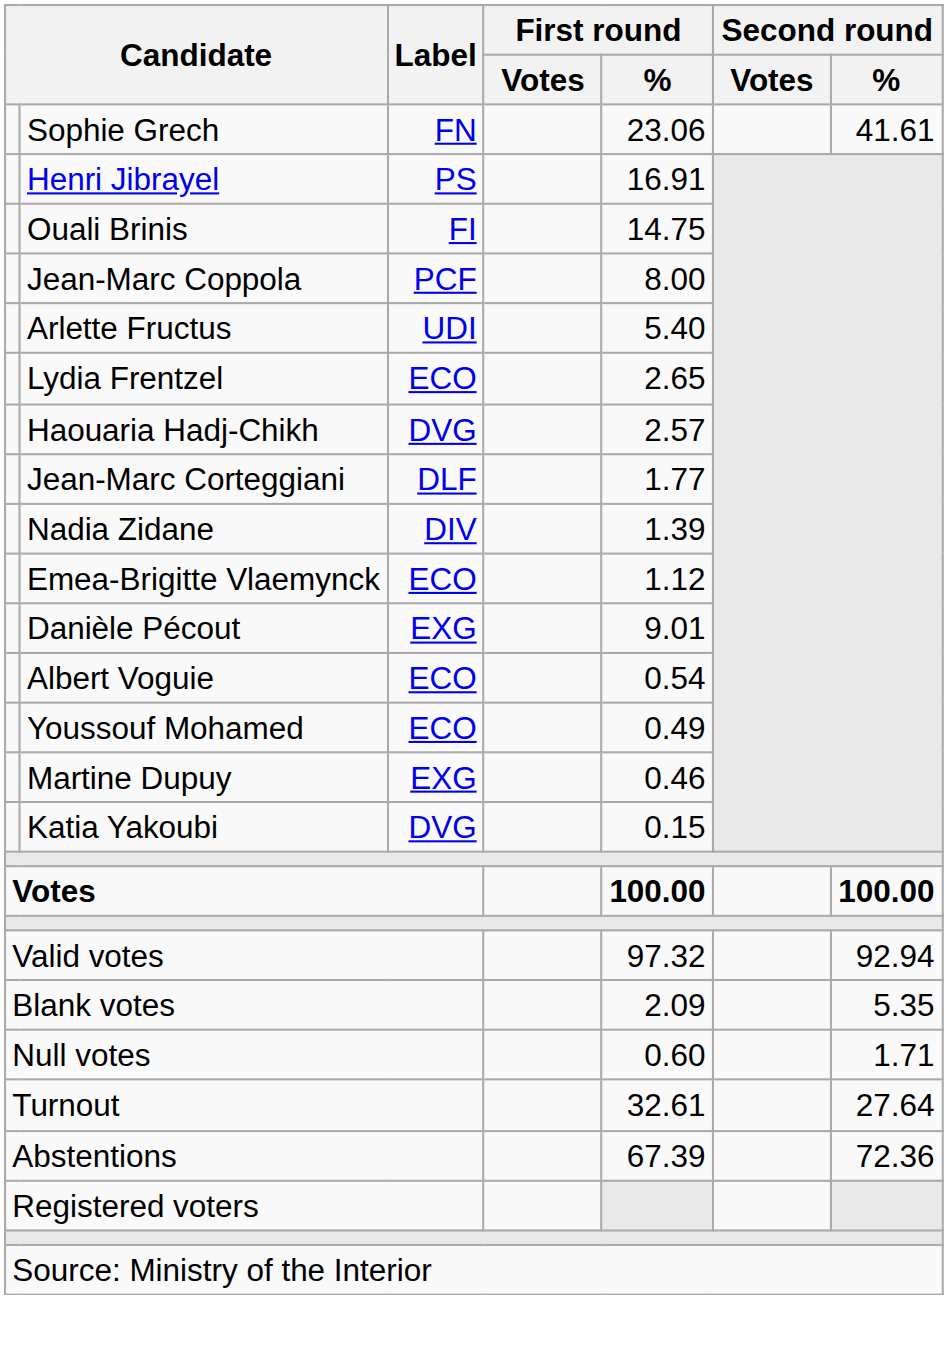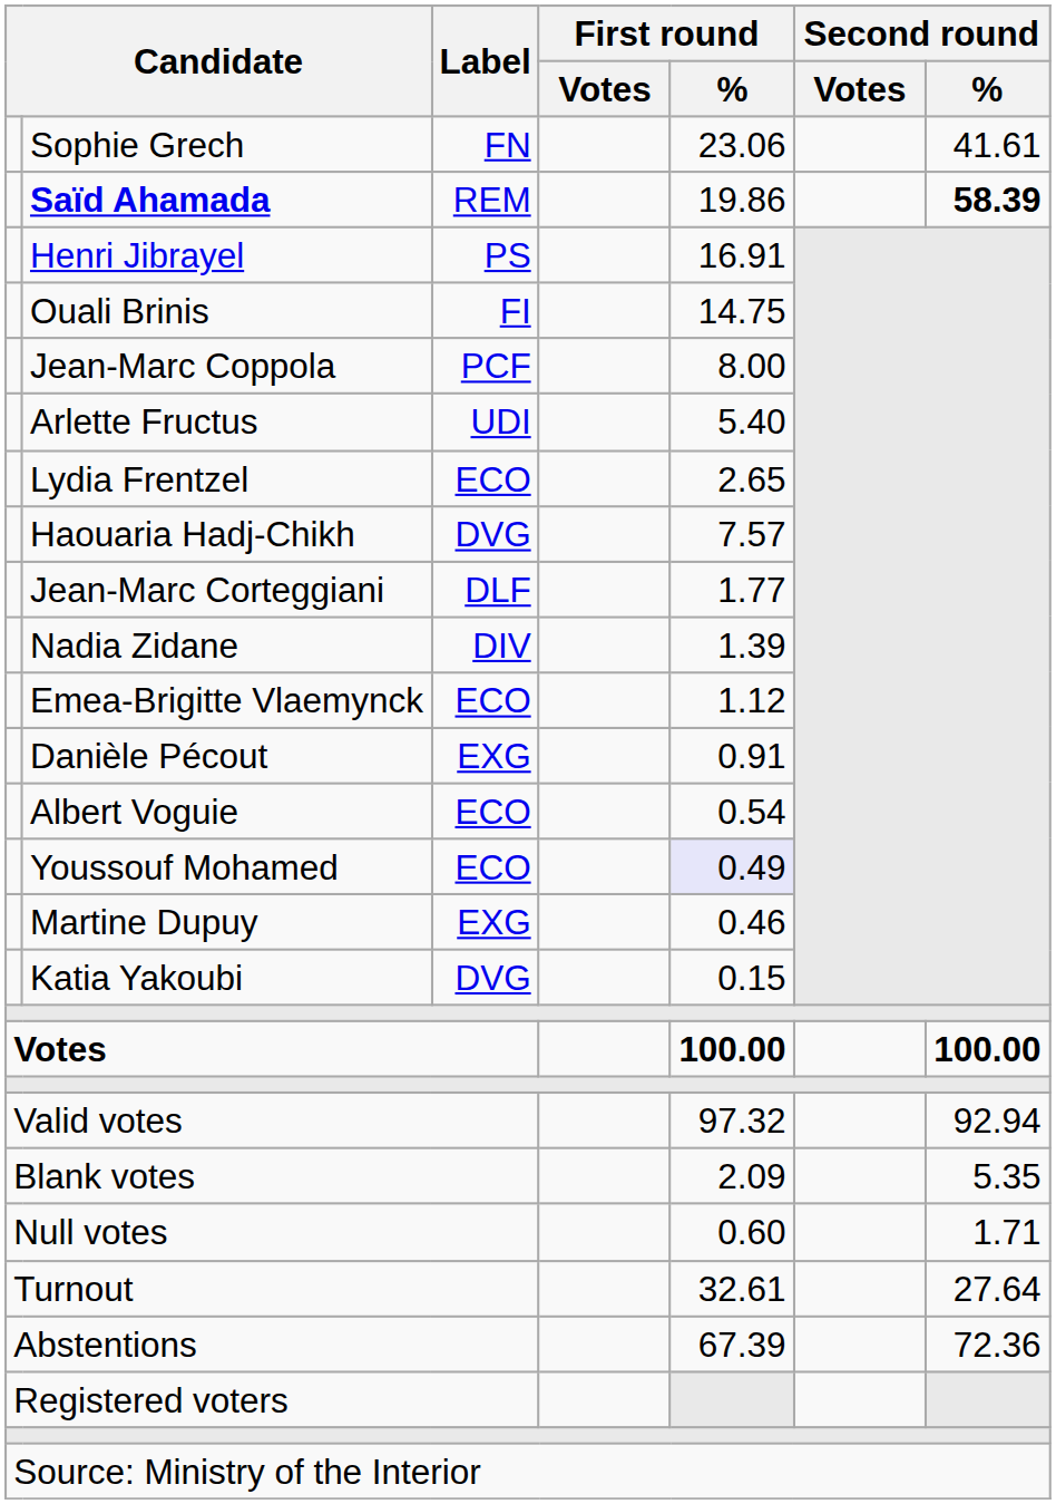 <table class="wikitable" style="text-align:right;font-size:95%;">
 <tr>
 <th rowspan="2" colspan="2">Candidate</th>
 <th rowspan="2">Label</th>
 <th colspan="2">First round</th>
 <th colspan="2">Second round</th>
 </tr>
 <tr>
 <th style="width:50px;">Votes</th>
 <th style="width:45px;">%</th>
 <th style="width:50px;">Votes</th>
 <th style="width:45px;">%</th>
 </tr>
 <tr>
 <td style="color:inherit;background:"></td>
 <td style="text-align:left;">Sophie Grech</td>
 <td><a href='#'>FN</a></td>
 <td></td>
 <td>23.06</td>
 <td></td>
 <td>41.61</td>
+</tr>
+<tr>
+<td style="color:inherit;background:"></td>
+<td style="text-align:left;"><strong><a href='#'>Saïd Ahamada</a></strong></td>
+<td><a href='#'>REM</a></td>
+<td></td>
+<td>19.86</td>
+<td><strong></strong></td>
+<td><strong>58.39</strong></td>
 </tr>
 <tr>
 <td style="color:inherit;background:"></td>
 <td style="text-align:left;"><a href='#'>Henri Jibrayel</a></td>
 <td><a href='#'>PS</a></td>
 <td></td>
 <td>16.91</td>
 <td colspan="2" rowspan="14" style="background:#E9E9E9;"></td>
 </tr>
 <tr>
 <td style="color:inherit;background:"></td>
 <td style="text-align:left;">Ouali Brinis</td>
 <td><a href='#'>FI</a></td>
 <td></td>
 <td>14.75</td>
 </tr>
 <tr>
 <td style="color:inherit;background:"></td>
 <td style="text-align:left;">Jean-Marc Coppola</td>
 <td><a href='#'>PCF</a></td>
 <td></td>
 <td>8.00</td>
 </tr>
 <tr>
 <td style="color:inherit;background:"></td>
 <td style="text-align:left;">Arlette Fructus</td>
 <td><a href='#'>UDI</a></td>
 <td></td>
 <td>5.40</td>
 </tr>
 <tr>
 <td style="color:inherit;background:"></td>
 <td style="text-align:left;">Lydia Frentzel</td>
 <td><a href='#'>ECO</a></td>
 <td></td>
 <td>2.65</td>
 </tr>
 <tr>
 <td style="color:inherit;background:"></td>
 <td style="text-align:left;">Haouaria Hadj-Chikh</td>
 <td><a href='#'>DVG</a></td>
 <td></td>
-<td>2.57</td>
+<td>7.57</td>
 </tr>
 <tr>
 <td style="color:inherit;background:"></td>
 <td style="text-align:left;">Jean-Marc Corteggiani</td>
 <td><a href='#'>DLF</a></td>
 <td></td>
 <td>1.77</td>
 </tr>
 <tr>
 <td style="color:inherit;background:"></td>
 <td style="text-align:left;">Nadia Zidane</td>
 <td><a href='#'>DIV</a></td>
 <td></td>
 <td>1.39</td>
 </tr>
 <tr>
 <td style="color:inherit;background:"></td>
 <td style="text-align:left;">Emea-Brigitte Vlaemynck</td>
 <td><a href='#'>ECO</a></td>
 <td></td>
 <td>1.12</td>
 </tr>
 <tr>
 <td style="color:inherit;background:"></td>
 <td style="text-align:left;">Danièle Pécout</td>
 <td><a href='#'>EXG</a></td>
 <td></td>
-<td>9.01</td>
+<td>0.91</td>
 </tr>
 <tr>
 <td style="color:inherit;background:"></td>
 <td style="text-align:left;">Albert Voguie</td>
 <td><a href='#'>ECO</a></td>
 <td></td>
 <td>0.54</td>
 </tr>
 <tr>
 <td style="color:inherit;background:"></td>
 <td style="text-align:left;">Youssouf Mohamed</td>
 <td><a href='#'>ECO</a></td>
 <td></td>
-<td>0.49</td>
+<td style="background: lavender;">0.49</td>
 </tr>
 <tr>
 <td style="color:inherit;background:"></td>
 <td style="text-align:left;">Martine Dupuy</td>
 <td><a href='#'>EXG</a></td>
 <td></td>
 <td>0.46</td>
 </tr>
 <tr>
 <td style="color:inherit;background:"></td>
 <td style="text-align:left;">Katia Yakoubi</td>
 <td><a href='#'>DVG</a></td>
 <td></td>
 <td>0.15</td>
 </tr>
 <tr>
 <td colspan="7" style="background:#E9E9E9;"></td>
 </tr>
 <tr style="font-weight:bold;">
 <td colspan="3" style="text-align:left;">Votes</td>
 <td></td>
 <td>100.00</td>
 <td></td>
 <td>100.00</td>
 </tr>
 <tr>
 <td colspan="7" style="background:#E9E9E9;"></td>
 </tr>
 <tr>
 <td colspan="3" style="text-align:left;">Valid votes</td>
 <td></td>
 <td>97.32</td>
 <td></td>
 <td>92.94</td>
 </tr>
 <tr>
 <td colspan="3" style="text-align:left;">Blank votes</td>
 <td></td>
 <td>2.09</td>
 <td></td>
 <td>5.35</td>
 </tr>
 <tr>
 <td colspan="3" style="text-align:left;">Null votes</td>
 <td></td>
 <td>0.60</td>
 <td></td>
 <td>1.71</td>
 </tr>
 <tr>
 <td colspan="3" style="text-align:left;">Turnout</td>
 <td></td>
 <td>32.61</td>
 <td></td>
 <td>27.64</td>
 </tr>
 <tr>
 <td colspan="3" style="text-align:left;">Abstentions</td>
 <td></td>
 <td>67.39</td>
 <td></td>
 <td>72.36</td>
 </tr>
 <tr>
 <td colspan="3" style="text-align:left;">Registered voters</td>
 <td></td>
 <td style="background:#E9E9E9;"></td>
 <td></td>
 <td style="background:#E9E9E9;"></td>
 </tr>
 <tr>
 <td colspan="7" style="background:#E9E9E9;"></td>
 </tr>
 <tr>
 <td colspan="7" style="text-align:left;">Source: Ministry of the Interior</td>
 </tr>
 </table>
